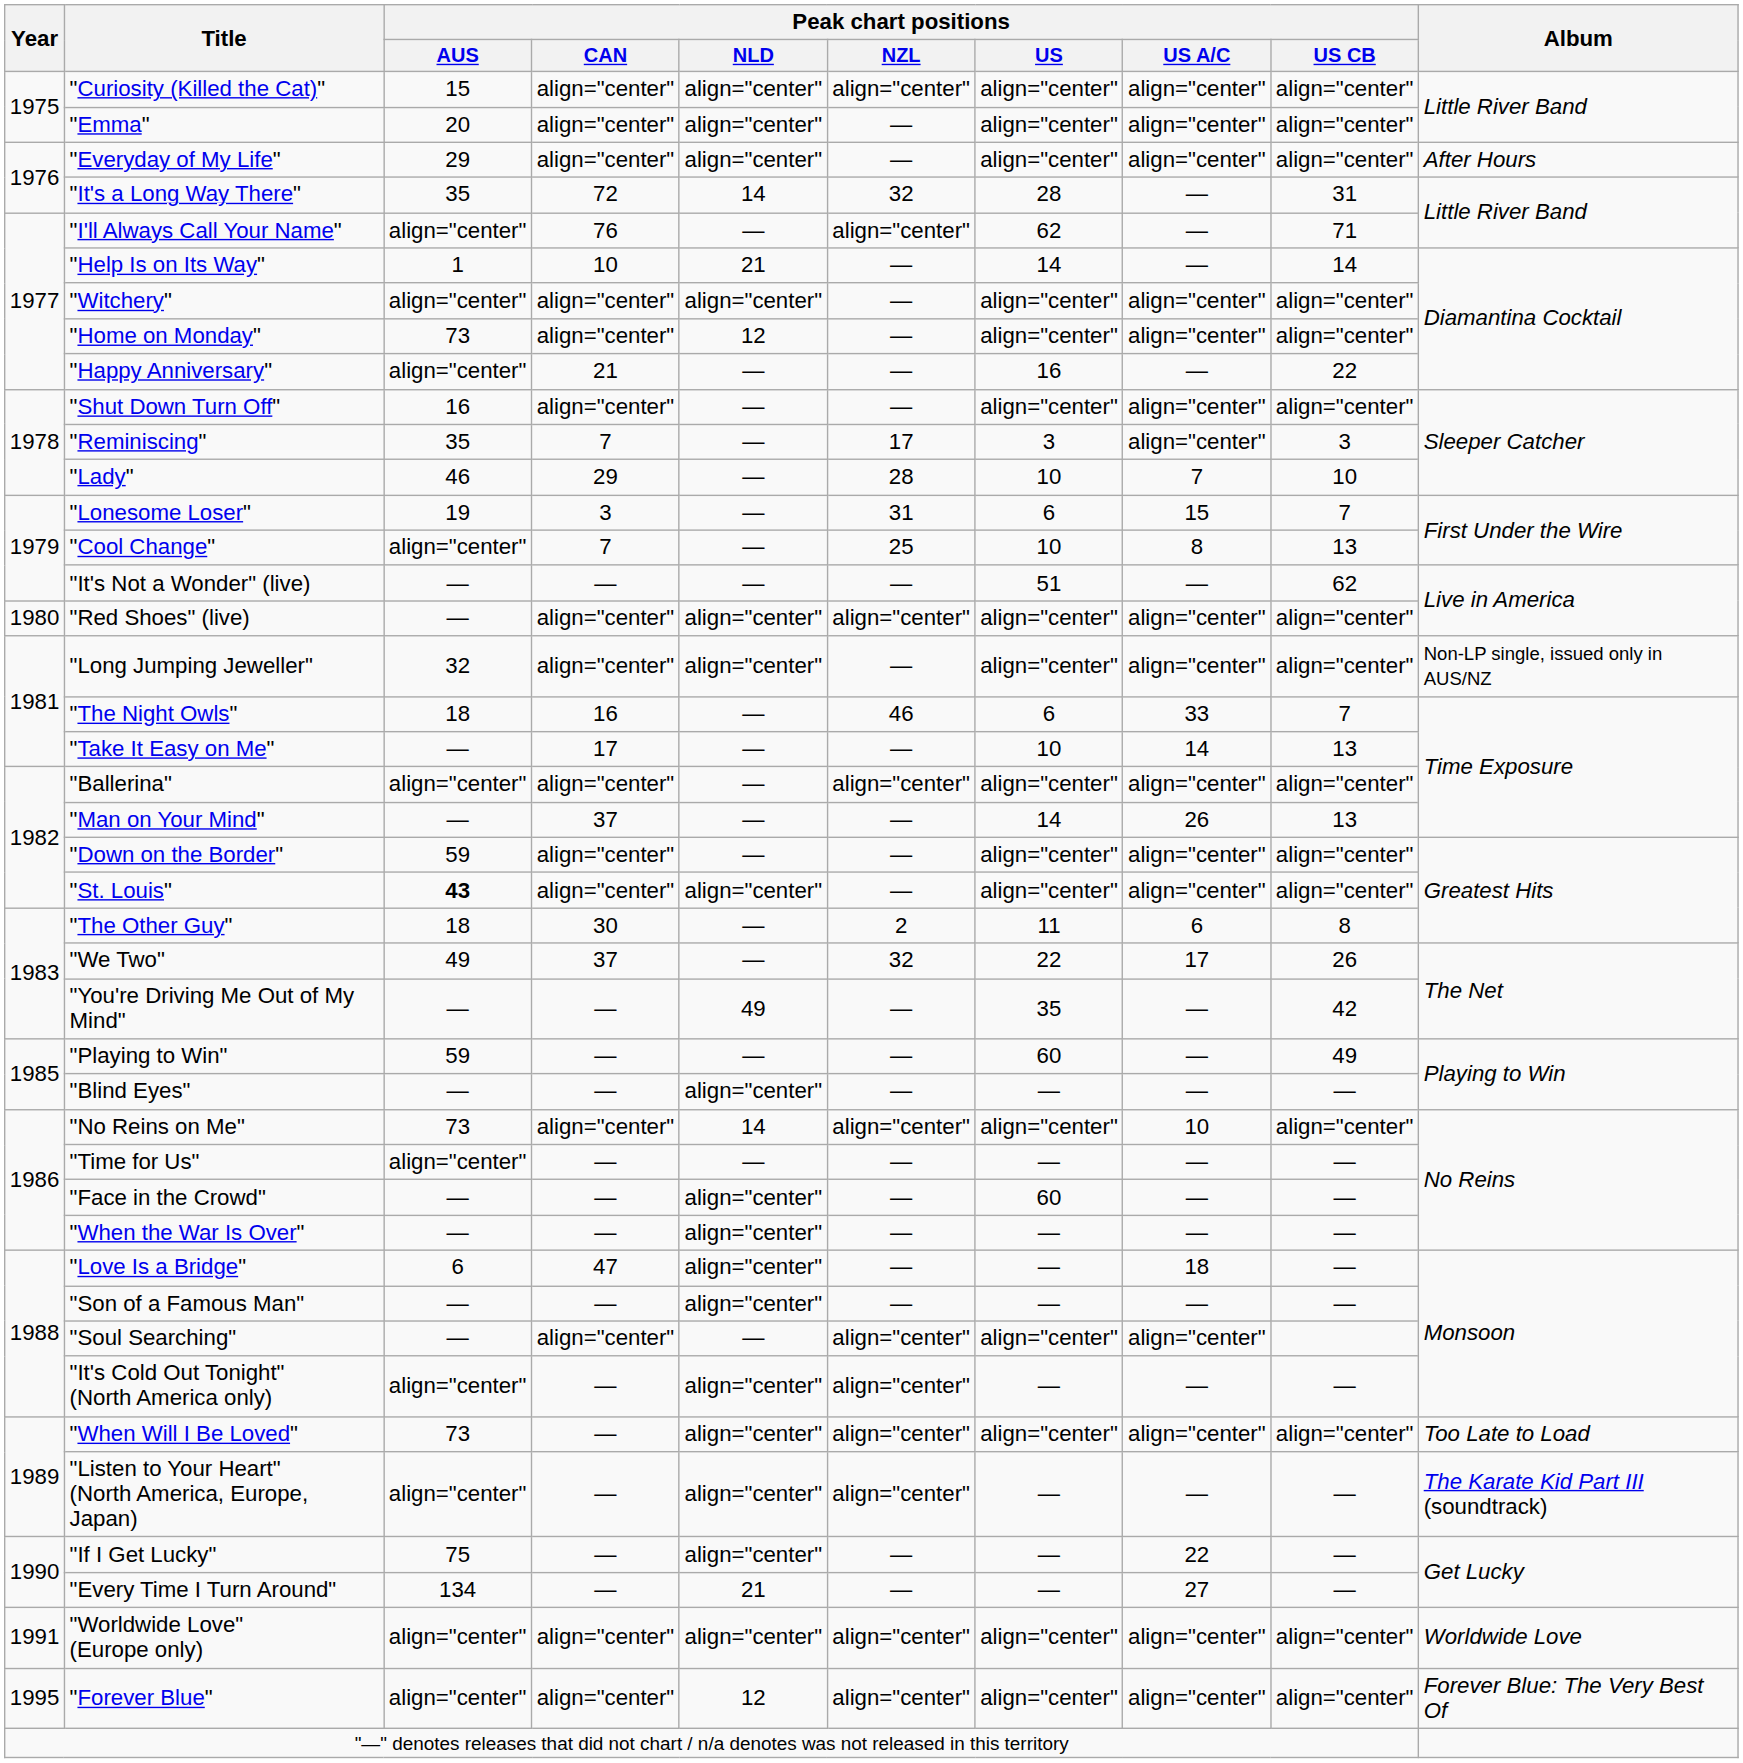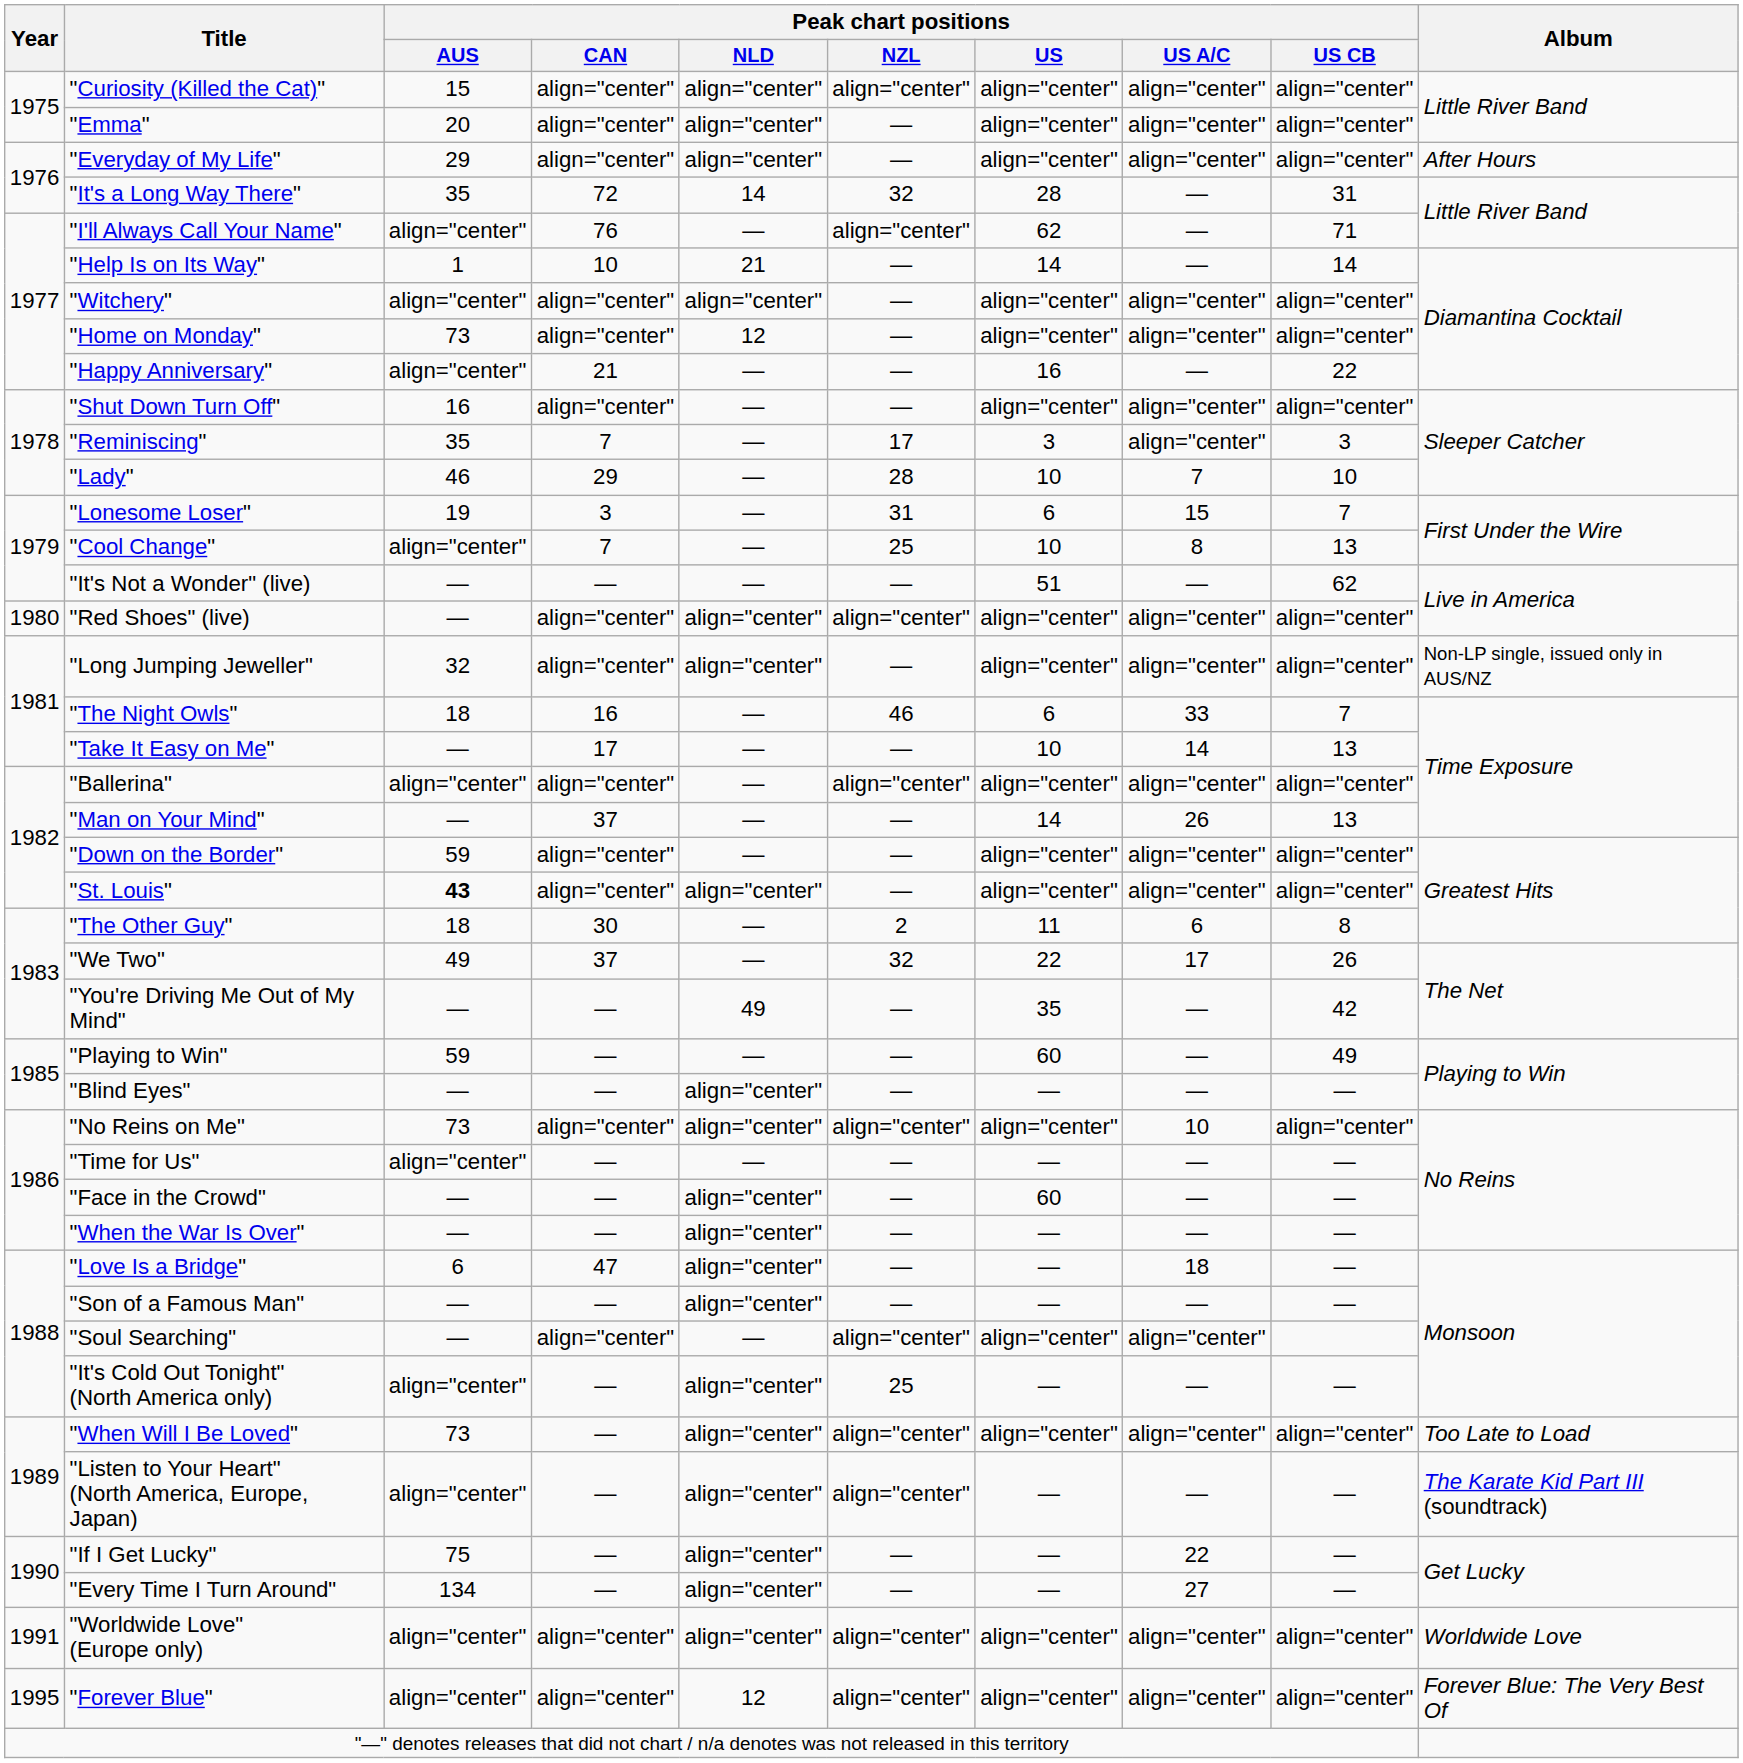 <table class="wikitable">
 <tr>
 <th rowspan="2">Year</th>
 <th rowspan="2">Title</th>
 <th colspan="7">Peak chart positions</th>
 <th rowspan="2">Album</th>
 </tr>
 <tr>
 <th scope="col" style="width:3em;font-size:90%;"><a href='#'>AUS</a><br></th>
 <th scope="col" style="width:3em;font-size:90%;"><a href='#'>CAN</a></th>
 <th scope="col" style="width:3em;font-size:90%;"><a href='#'>NLD</a><br></th>
 <th scope="col" style="width:3em;font-size:90%;"><a href='#'>NZL</a><br></th>
 <th scope="col" style="width:3em;font-size:90%;"><a href='#'>US</a><br></th>
 <th scope="col" style="width:3em;font-size:90%;"><a href='#'>US A/C</a><br></th>
 <th scope="col" style="width:3em;font-size:90%;"><a href='#'>US CB</a><br></th>
 </tr>
 <tr>
 <td rowspan="2">1975</td>
 <td>"<a href='#'>Curiosity (Killed the Cat)</a>"</td>
 <td align="center">15</td>
 <td>align="center" </td>
 <td>align="center" </td>
 <td>align="center" </td>
 <td>align="center" </td>
 <td>align="center" </td>
 <td>align="center" </td>
 <td rowspan="2"><em>Little River Band</em></td>
 </tr>
 <tr>
 <td>"<a href='#'>Emma</a>"</td>
 <td align="center">20</td>
 <td>align="center" </td>
 <td>align="center" </td>
 <td align="center">—</td>
 <td>align="center" </td>
 <td>align="center" </td>
 <td>align="center" </td>
 </tr>
 <tr>
 <td rowspan="2">1976</td>
 <td>"<a href='#'>Everyday of My Life</a>"</td>
 <td align="center">29</td>
 <td>align="center" </td>
 <td>align="center" </td>
 <td align="center">—</td>
 <td>align="center" </td>
 <td>align="center" </td>
 <td>align="center" </td>
 <td><em>After Hours</em></td>
 </tr>
 <tr>
 <td>"<a href='#'>It's a Long Way There</a>"</td>
 <td align="center">35</td>
 <td align="center">72</td>
 <td align="center">14</td>
 <td align="center">32</td>
 <td align="center">28</td>
 <td align="center">—</td>
 <td align="center">31</td>
 <td rowspan="2"><em>Little River Band</em></td>
 </tr>
 <tr>
 <td rowspan="5">1977</td>
 <td>"<a href='#'>I'll Always Call Your Name</a>"</td>
 <td>align="center" </td>
 <td align="center">76</td>
 <td align="center">—</td>
 <td>align="center" </td>
 <td align="center">62</td>
 <td align="center">—</td>
 <td align="center">71</td>
 </tr>
 <tr>
 <td>"<a href='#'>Help Is on Its Way</a>"</td>
 <td align="center">1</td>
 <td align="center">10</td>
 <td align="center">21</td>
 <td align="center">—</td>
 <td align="center">14</td>
 <td align="center">—</td>
 <td align="center">14</td>
 <td rowspan="4"><em>Diamantina Cocktail</em></td>
 </tr>
 <tr>
 <td>"<a href='#'>Witchery</a>"</td>
 <td>align="center" </td>
 <td>align="center" </td>
 <td>align="center" </td>
 <td align="center">—</td>
 <td>align="center" </td>
 <td>align="center" </td>
 <td>align="center" </td>
 </tr>
 <tr>
 <td>"<a href='#'>Home on Monday</a>"</td>
 <td align="center">73</td>
 <td>align="center" </td>
 <td align="center">12</td>
 <td align="center">—</td>
 <td>align="center" </td>
 <td>align="center" </td>
 <td>align="center" </td>
 </tr>
 <tr>
 <td>"<a href='#'>Happy Anniversary</a>"</td>
 <td>align="center" </td>
 <td align="center">21</td>
 <td align="center">—</td>
 <td align="center">—</td>
 <td align="center">16</td>
 <td align="center">—</td>
 <td align="center">22</td>
 </tr>
 <tr>
 <td rowspan="3">1978</td>
 <td>"<a href='#'>Shut Down Turn Off</a>"</td>
 <td align="center">16</td>
 <td>align="center" </td>
 <td align="center">—</td>
 <td align="center">—</td>
 <td>align="center" </td>
 <td>align="center" </td>
 <td>align="center" </td>
 <td rowspan="3"><em>Sleeper Catcher</em></td>
 </tr>
 <tr>
 <td>"<a href='#'>Reminiscing</a>"</td>
 <td align="center">35</td>
 <td align="center">7</td>
 <td align="center">—</td>
 <td align="center">17</td>
 <td align="center">3</td>
 <td>align="center" </td>
 <td align="center">3</td>
 </tr>
 <tr>
 <td>"<a href='#'>Lady</a>"</td>
 <td align="center">46</td>
 <td align="center">29</td>
 <td align="center">—</td>
 <td align="center">28</td>
 <td align="center">10</td>
 <td align="center">7</td>
 <td align="center">10</td>
 </tr>
 <tr>
 <td rowspan="3">1979</td>
 <td>"<a href='#'>Lonesome Loser</a>"</td>
 <td align="center">19</td>
 <td align="center">3</td>
 <td align="center">—</td>
 <td align="center">31</td>
 <td align="center">6</td>
 <td align="center">15</td>
 <td align="center">7</td>
 <td rowspan="2"><em>First Under the Wire</em></td>
 </tr>
 <tr>
 <td>"<a href='#'>Cool Change</a>"</td>
 <td>align="center" </td>
 <td align="center">7</td>
 <td align="center">—</td>
 <td align="center">25</td>
 <td align="center">10</td>
 <td align="center">8</td>
 <td align="center">13</td>
 </tr>
 <tr>
 <td>"It's Not a Wonder" (live)</td>
 <td align="center">—</td>
 <td align="center">—</td>
 <td align="center">—</td>
 <td align="center">—</td>
 <td align="center">51</td>
 <td align="center">—</td>
 <td align="center">62</td>
 <td rowspan="2"><em>Live in America</em></td>
 </tr>
 <tr>
 <td>1980</td>
 <td>"Red Shoes" (live)</td>
 <td align="center">—</td>
 <td>align="center" </td>
 <td>align="center" </td>
 <td>align="center" </td>
 <td>align="center" </td>
 <td>align="center" </td>
 <td>align="center" </td>
 </tr>
 <tr>
 <td rowspan="3">1981</td>
 <td>"Long Jumping Jeweller"</td>
 <td align="center">32</td>
 <td>align="center"</td>
 <td>align="center"</td>
 <td align="center">—</td>
 <td>align="center" </td>
 <td>align="center" </td>
 <td>align="center" </td>
 <td rowspan="1"><small>Non-LP single, issued only in AUS/NZ</small></td>
 </tr>
 <tr>
 <td>"<a href='#'>The Night Owls</a>"</td>
 <td align="center">18</td>
 <td align="center">16</td>
 <td align="center">—</td>
 <td align="center">46</td>
 <td align="center">6</td>
 <td align="center">33</td>
 <td align="center">7</td>
 <td rowspan="4"><em>Time Exposure</em></td>
 </tr>
 <tr>
 <td>"<a href='#'>Take It Easy on Me</a>"</td>
 <td align="center">—</td>
 <td align="center">17</td>
 <td align="center">—</td>
 <td align="center">—</td>
 <td align="center">10</td>
 <td align="center">14</td>
 <td align="center">13</td>
 </tr>
 <tr>
 <td rowspan="4">1982</td>
 <td>"Ballerina"</td>
 <td>align="center" </td>
 <td>align="center" </td>
 <td align="center">—</td>
 <td>align="center" </td>
 <td>align="center" </td>
 <td>align="center" </td>
 <td>align="center" </td>
 </tr>
 <tr>
 <td>"<a href='#'>Man on Your Mind</a>"</td>
 <td align="center">—</td>
 <td align="center">37</td>
 <td align="center">—</td>
 <td align="center">—</td>
 <td align="center">14</td>
 <td align="center">26</td>
 <td align="center">13</td>
 </tr>
 <tr>
 <td>"<a href='#'>Down on the Border</a>"</td>
 <td align="center">59</td>
 <td>align="center" </td>
 <td align="center">—</td>
 <td align="center">—</td>
 <td>align="center" </td>
 <td>align="center" </td>
 <td>align="center" </td>
 <td rowspan="3"><em>Greatest Hits</em></td>
 </tr>
 <tr>
 <td>"<a href='#'>St. Louis</a>"</td>
 <td align="center"><strong>43</strong></td>
 <td>align="center" </td>
 <td>align="center" </td>
 <td align="center">—</td>
 <td>align="center" </td>
 <td>align="center" </td>
 <td>align="center" </td>
 </tr>
 <tr>
 <td rowspan="3">1983</td>
 <td>"<a href='#'>The Other Guy</a>"</td>
 <td align="center">18</td>
 <td align="center">30</td>
 <td align="center">—</td>
 <td align="center">2</td>
 <td align="center">11</td>
 <td align="center">6</td>
 <td align="center">8</td>
 </tr>
 <tr>
 <td>"We Two"</td>
 <td align="center">49</td>
 <td align="center">37</td>
 <td align="center">—</td>
 <td align="center">32</td>
 <td align="center">22</td>
 <td align="center">17</td>
 <td align="center">26</td>
 <td rowspan="2"><em>The Net</em></td>
 </tr>
 <tr>
 <td>"You're Driving Me Out of My Mind"</td>
 <td align="center">—</td>
 <td align="center">—</td>
 <td align="center">49</td>
 <td align="center">—</td>
 <td align="center">35</td>
 <td align="center">—</td>
 <td align="center">42</td>
 </tr>
 <tr>
 <td rowspan="2">1985</td>
 <td>"Playing to Win"</td>
 <td align="center">59</td>
 <td align="center">—</td>
 <td align="center">—</td>
 <td align="center">—</td>
 <td align="center">60</td>
 <td align="center">—</td>
 <td align="center">49</td>
 <td rowspan="2"><em>Playing to Win</em></td>
 </tr>
 <tr>
 <td>"Blind Eyes"</td>
 <td align="center">—</td>
 <td align="center">—</td>
 <td>align="center" </td>
 <td align="center">—</td>
 <td align="center">—</td>
 <td align="center">—</td>
 <td align="center">—</td>
 </tr>
 <tr>
 <td rowspan="4">1986</td>
 <td>"No Reins on Me"</td>
 <td align="center">73</td>
 <td>align="center" </td>
-<td align="center">14</td>
+<td>align="center" </td>
 <td>align="center" </td>
 <td>align="center" </td>
 <td align="center">10</td>
 <td>align="center" </td>
 <td rowspan="4"><em>No Reins</em></td>
 </tr>
 <tr>
 <td>"Time for Us"</td>
 <td>align="center" </td>
 <td align="center">—</td>
 <td align="center">—</td>
 <td align="center">—</td>
 <td align="center">—</td>
 <td align="center">—</td>
 <td align="center">—</td>
 </tr>
 <tr>
 <td>"Face in the Crowd"</td>
 <td align="center">—</td>
 <td align="center">—</td>
 <td>align="center" </td>
 <td align="center">—</td>
 <td align="center">60</td>
 <td align="center">—</td>
 <td align="center">—</td>
 </tr>
 <tr>
 <td>"<a href='#'>When the War Is Over</a>"</td>
 <td align="center">—</td>
 <td align="center">—</td>
 <td>align="center" </td>
 <td align="center">—</td>
 <td align="center">—</td>
 <td align="center">—</td>
 <td align="center">—</td>
 </tr>
 <tr>
 <td rowspan="4">1988</td>
 <td>"<a href='#'>Love Is a Bridge</a>"</td>
 <td align="center">6</td>
 <td align="center">47</td>
 <td>align="center" </td>
 <td align="center">—</td>
 <td align="center">—</td>
 <td align="center">18</td>
 <td align="center">—</td>
 <td rowspan="4"><em>Monsoon</em></td>
 </tr>
 <tr>
 <td>"Son of a Famous Man"</td>
 <td align="center">—</td>
 <td align="center">—</td>
 <td>align="center" </td>
 <td align="center">—</td>
 <td align="center">—</td>
 <td align="center">—</td>
 <td align="center">—</td>
 </tr>
 <tr>
 <td>"Soul Searching"</td>
 <td align="center">—</td>
 <td>align="center" </td>
 <td align="center">—</td>
 <td>align="center" </td>
 <td>align="center" </td>
 <td>align="center" </td>
 </tr>
 <tr>
 <td>"It's Cold Out Tonight"<br> (North America only)</td>
 <td>align="center" </td>
 <td align="center">—</td>
 <td>align="center" </td>
-<td>align="center" </td>
+<td align="center">25</td>
 <td align="center">—</td>
 <td align="center">—</td>
 <td align="center">—</td>
 </tr>
 <tr>
 <td rowspan="2">1989</td>
 <td>"<a href='#'>When Will I Be Loved</a>"</td>
 <td align="center">73</td>
 <td align="center">—</td>
 <td>align="center" </td>
 <td>align="center" </td>
 <td>align="center" </td>
 <td>align="center" </td>
 <td>align="center" </td>
 <td><em>Too Late to Load</em></td>
 </tr>
 <tr>
 <td>"Listen to Your Heart"<br> (North America, Europe, Japan)</td>
 <td>align="center"</td>
 <td align="center">—</td>
 <td>align="center" </td>
 <td>align="center" </td>
 <td align="center">—</td>
 <td align="center">—</td>
 <td align="center">—</td>
 <td><em><a href='#'>The Karate Kid Part III</a></em> (soundtrack)</td>
 </tr>
 <tr>
 <td rowspan="2">1990</td>
 <td>"If I Get Lucky"</td>
 <td align="center">75</td>
 <td align="center">—</td>
 <td>align="center" </td>
 <td align="center">—</td>
 <td align="center">—</td>
 <td align="center">22</td>
 <td align="center">—</td>
 <td rowspan="2"><em>Get Lucky</em></td>
 </tr>
 <tr>
 <td>"Every Time I Turn Around"</td>
 <td align="center">134</td>
 <td align="center">—</td>
-<td align="center">21</td>
+<td>align="center" </td>
 <td align="center">—</td>
 <td align="center">—</td>
 <td align="center">27</td>
 <td align="center">—</td>
 </tr>
 <tr>
 <td>1991</td>
 <td>"Worldwide Love" <br>(Europe only)</td>
 <td>align="center"</td>
 <td>align="center" </td>
 <td>align="center"</td>
 <td>align="center"</td>
 <td>align="center"</td>
 <td>align="center" </td>
 <td>align="center"</td>
 <td><em>Worldwide Love</em></td>
 </tr>
 <tr>
 <td>1995</td>
 <td>"<a href='#'>Forever Blue</a>"</td>
 <td>align="center" </td>
 <td>align="center" </td>
 <td align="center">12</td>
 <td>align="center" </td>
 <td>align="center" </td>
 <td>align="center" </td>
 <td>align="center" </td>
 <td><em>Forever Blue: The Very Best Of</em></td>
 </tr>
 <tr>
 <td colspan="9" style="font-size:85%" align="center">"—" denotes releases that did not chart / n/a denotes was not released in this territory</td>
 </tr>
 </table>
